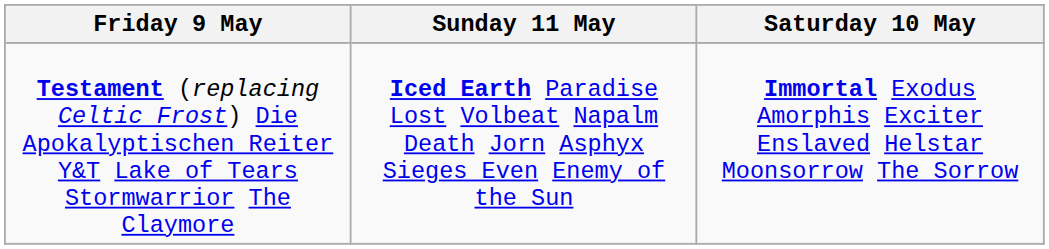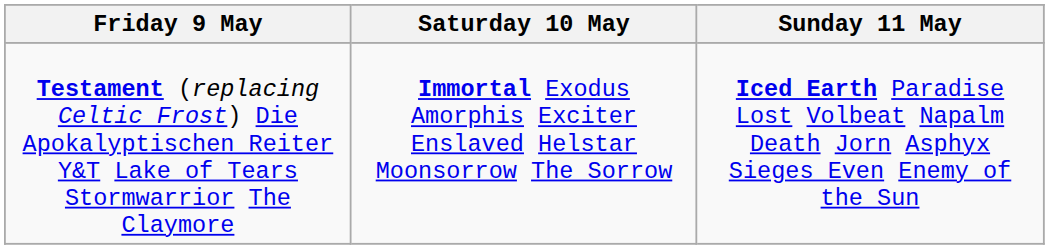 <table class="wikitable">
 <tr>
 <th>Friday 9 May</th>
+<th>Saturday 10 May</th>
 <th>Sunday 11 May</th>
-<th>Saturday 10 May</th>
 </tr>
 <tr>
 <td valign="top" align="center" width=185><br><strong><a href='#'>Testament</a></strong> (<em>replacing <a href='#'>Celtic Frost</a></em>) <a href='#'>Die Apokalyptischen Reiter</a> <a href='#'>Y&T</a> <a href='#'>Lake of Tears</a> <a href='#'>Stormwarrior</a> <a href='#'>The Claymore</a></td>
+<td valign="top" align="center" width=185><br><strong><a href='#'>Immortal</a></strong> <a href='#'>Exodus</a> <a href='#'>Amorphis</a> <a href='#'>Exciter</a> <a href='#'>Enslaved</a> <a href='#'>Helstar</a> <a href='#'>Moonsorrow</a> <a href='#'>The Sorrow</a></td>
 <td valign="top" align="center" width=185><br><strong><a href='#'>Iced Earth</a></strong> <a href='#'>Paradise Lost</a> <a href='#'>Volbeat</a> <a href='#'>Napalm Death</a> <a href='#'>Jorn</a> <a href='#'>Asphyx</a> <a href='#'>Sieges Even</a> <a href='#'>Enemy of the Sun</a></td>
-<td valign="top" align="center" width=185><br><strong><a href='#'>Immortal</a></strong> <a href='#'>Exodus</a> <a href='#'>Amorphis</a> <a href='#'>Exciter</a> <a href='#'>Enslaved</a> <a href='#'>Helstar</a> <a href='#'>Moonsorrow</a> <a href='#'>The Sorrow</a></td>
 </tr>
 </table>
